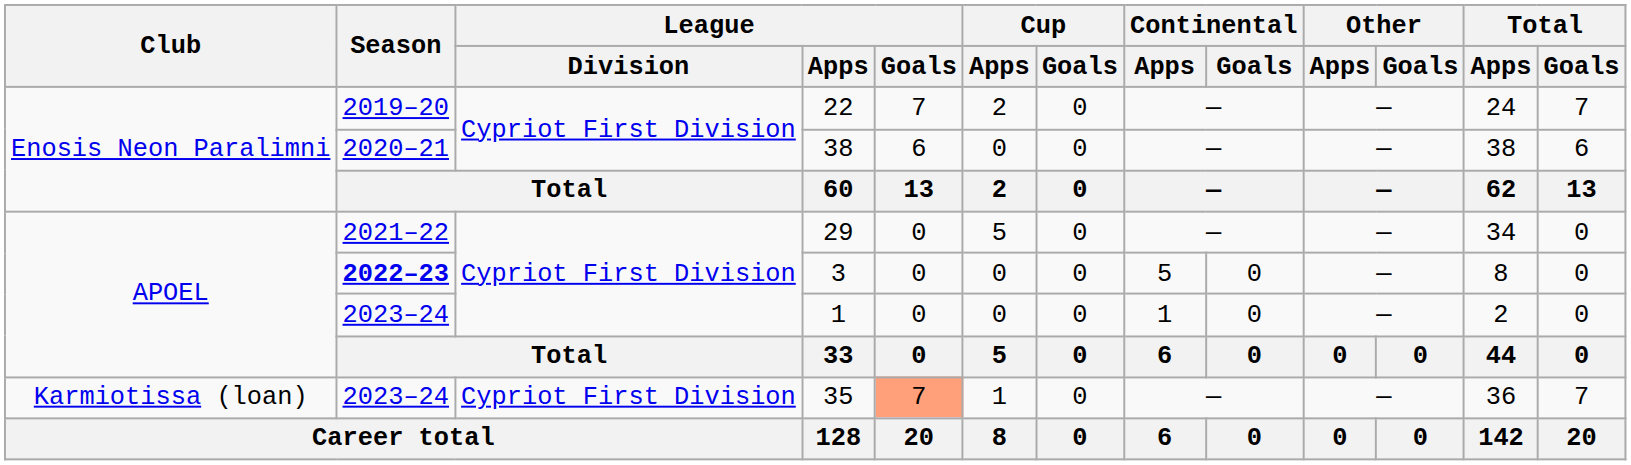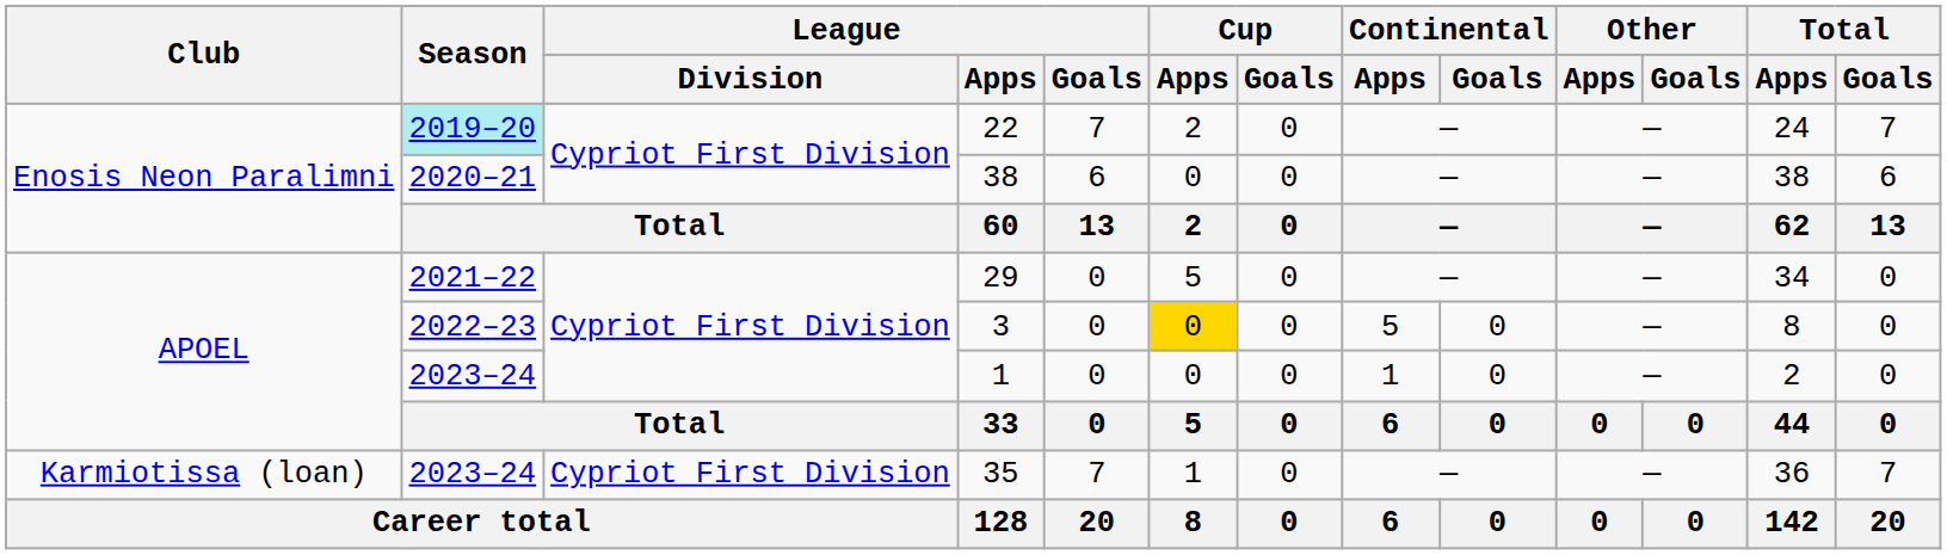 <table class="wikitable" style="text-align:center">
 <tr>
 <th rowspan=2>Club</th>
 <th rowspan=2>Season</th>
 <th colspan=3>League</th>
 <th colspan=2>Cup</th>
 <th colspan=2>Continental</th>
 <th colspan=2>Other</th>
 <th colspan=2>Total</th>
 </tr>
 <tr>
 <th>Division</th>
 <th>Apps</th>
 <th>Goals</th>
 <th>Apps</th>
 <th>Goals</th>
 <th>Apps</th>
 <th>Goals</th>
 <th>Apps</th>
 <th>Goals</th>
 <th>Apps</th>
 <th>Goals</th>
 </tr>
 <tr>
 <td rowspan="3"><a href='#'>Enosis Neon Paralimni</a></td>
-<td><a href='#'>2019–20</a></td>
+<td style="background: paleturquoise;"><a href='#'>2019–20</a></td>
 <td rowspan="2"><a href='#'>Cypriot First Division</a></td>
 <td>22</td>
 <td>7</td>
 <td>2</td>
 <td>0</td>
 <td colspan="2">—</td>
 <td colspan="2">—</td>
 <td>24</td>
 <td>7</td>
 </tr>
 <tr>
 <td><a href='#'>2020–21</a></td>
 <td>38</td>
 <td>6</td>
 <td>0</td>
 <td>0</td>
 <td colspan="2">—</td>
 <td colspan="2">—</td>
 <td>38</td>
 <td>6</td>
 </tr>
 <tr>
 <th colspan="2">Total</th>
 <th>60</th>
 <th>13</th>
 <th>2</th>
 <th>0</th>
 <th colspan="2">—</th>
 <th colspan="2">—</th>
 <th>62</th>
 <th>13</th>
 </tr>
 <tr>
 <td rowspan="4"><a href='#'>APOEL</a></td>
 <td><a href='#'>2021–22</a></td>
 <td rowspan="3"><a href='#'>Cypriot First Division</a></td>
 <td>29</td>
 <td>0</td>
 <td>5</td>
 <td>0</td>
 <td colspan="2">—</td>
 <td colspan="2">—</td>
 <td>34</td>
 <td>0</td>
 </tr>
 <tr>
-<td><strong><a href='#'>2022–23</a></strong></td>
+<td><a href='#'>2022–23</a></td>
 <td>3</td>
 <td>0</td>
-<td>0</td>
+<td style="background: gold;">0</td>
 <td>0</td>
 <td>5</td>
 <td>0</td>
 <td colspan="2">—</td>
 <td>8</td>
 <td>0</td>
 </tr>
 <tr>
 <td><a href='#'>2023–24</a></td>
 <td>1</td>
 <td>0</td>
 <td>0</td>
 <td>0</td>
 <td>1</td>
 <td>0</td>
 <td colspan="2">—</td>
 <td>2</td>
 <td>0</td>
 </tr>
 <tr>
 <th colspan="2">Total</th>
 <th>33</th>
 <th>0</th>
 <th>5</th>
 <th>0</th>
 <th>6</th>
 <th>0</th>
 <th>0</th>
 <th>0</th>
 <th>44</th>
 <th>0</th>
 </tr>
 <tr>
 <td><a href='#'>Karmiotissa</a> (loan)</td>
 <td><a href='#'>2023–24</a></td>
 <td><a href='#'>Cypriot First Division</a></td>
 <td>35</td>
-<td style="background: lightsalmon;">7</td>
+<td>7</td>
 <td>1</td>
 <td>0</td>
 <td colspan="2">—</td>
 <td colspan="2">—</td>
 <td>36</td>
 <td>7</td>
 </tr>
 <tr>
 <th colspan=3>Career total</th>
 <th>128</th>
 <th>20</th>
 <th>8</th>
 <th>0</th>
 <th>6</th>
 <th>0</th>
 <th>0</th>
 <th>0</th>
 <th>142</th>
 <th>20</th>
 </tr>
 </table>
